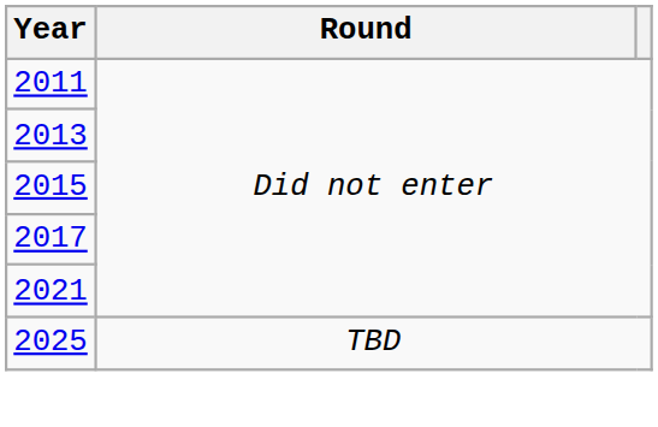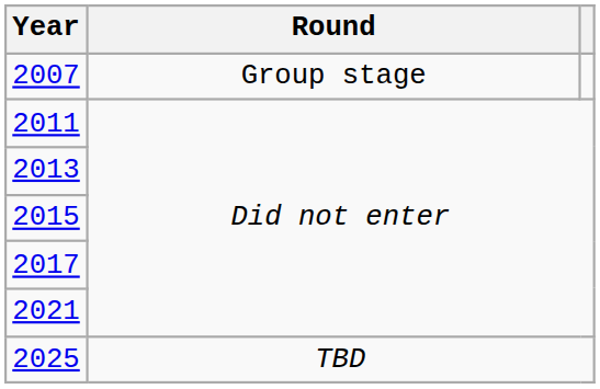 <table class="wikitable" style="text-align: center; font-size:90%">
 <tr>
 <th>Year</th>
 <th style="width:200px">Round</th>
 <th></th>
+</tr>
+<tr>
+<td><a href='#'>2007</a></td>
+<td>Group stage</td>
+<td></td>
 </tr>
 <tr>
 <td><a href='#'>2011</a></td>
 <td colspan="2" rowspan="5"><em>Did not enter</em></td>
 </tr>
 <tr>
 <td><a href='#'>2013</a></td>
 </tr>
 <tr>
 <td><a href='#'>2015</a></td>
 </tr>
 <tr>
 <td><a href='#'>2017</a></td>
 </tr>
 <tr>
 <td><a href='#'>2021</a></td>
 </tr>
 <tr>
 <td><a href='#'>2025</a></td>
 <td colspan="2"><em>TBD</em></td>
 </tr>
 </table>
